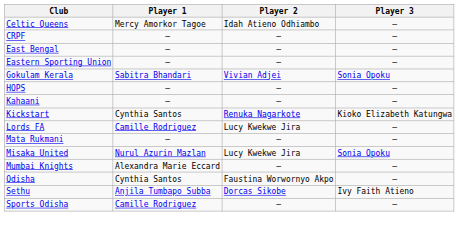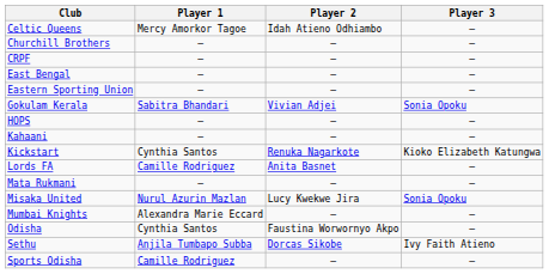 <table class="sortable wikitable" style="text-align: left">
 <tr>
 <th style="text-align:center;">Club</th>
 <th style="text-align:center;">Player 1</th>
 <th style="text-align:center;">Player 2</th>
 <th style="text-align:center;">Player 3</th>
 </tr>
 <tr>
 <td><a href='#'>Celtic Queens</a></td>
 <td> Mercy Amorkor Tagoe</td>
 <td> Idah Atieno Odhiambo</td>
+<td style="text-align: center;">—</td>
+</tr>
+<tr>
+<td><a href='#'>Churchill Brothers</a></td>
+<td style="text-align: center;">—</td>
+<td style="text-align: center;">—</td>
 <td style="text-align: center;">—</td>
 </tr>
 <tr>
 <td><a href='#'>CRPF</a></td>
 <td style="text-align: center;">—</td>
 <td style="text-align: center;">—</td>
 <td style="text-align: center;">—</td>
 </tr>
 <tr>
 <td><a href='#'>East Bengal</a></td>
 <td style="text-align: center;">—</td>
 <td style="text-align: center;">—</td>
 <td style="text-align: center;">—</td>
 </tr>
 <tr>
 <td><a href='#'>Eastern Sporting Union</a></td>
 <td style="text-align: center;">—</td>
 <td style="text-align: center;">—</td>
 <td style="text-align: center;">—</td>
 </tr>
 <tr>
 <td><a href='#'>Gokulam Kerala</a></td>
 <td> <a href='#'>Sabitra Bhandari</a></td>
 <td> <a href='#'>Vivian Adjei</a></td>
 <td> <a href='#'>Sonia Opoku</a></td>
 </tr>
 <tr>
 <td><a href='#'>HOPS</a></td>
 <td style="text-align: center;">—</td>
 <td style="text-align: center;">—</td>
 <td style="text-align: center;">—</td>
 </tr>
 <tr>
 <td><a href='#'>Kahaani</a></td>
 <td style="text-align: center;">—</td>
 <td style="text-align: center;">—</td>
 <td style="text-align: center;">—</td>
 </tr>
 <tr>
 <td><a href='#'>Kickstart</a></td>
 <td> Cynthia Santos</td>
 <td> <a href='#'>Renuka Nagarkote</a></td>
 <td> Kioko Elizabeth Katungwa</td>
 </tr>
 <tr>
 <td><a href='#'>Lords FA</a></td>
 <td> <a href='#'>Camille Rodriguez</a></td>
-<td> Lucy Kwekwe Jira</td>
+<td> <a href='#'>Anita Basnet</a></td>
 <td style="text-align: center;">—</td>
 </tr>
 <tr>
 <td><a href='#'>Mata Rukmani</a></td>
 <td style="text-align: center;">—</td>
 <td style="text-align: center;">—</td>
 <td style="text-align: center;">—</td>
 </tr>
 <tr>
 <td><a href='#'>Misaka United</a></td>
 <td> <a href='#'>Nurul Azurin Mazlan</a></td>
 <td> Lucy Kwekwe Jira</td>
 <td> <a href='#'>Sonia Opoku</a></td>
 </tr>
 <tr>
 <td><a href='#'>Mumbai Knights</a></td>
 <td> Alexandra Marie Eccard</td>
 <td style="text-align: center;">—</td>
 <td style="text-align: center;">—</td>
 </tr>
 <tr>
 <td><a href='#'>Odisha</a></td>
 <td> Cynthia Santos</td>
 <td> Faustina Worwornyo Akpo</td>
 <td style="text-align: center;">—</td>
 </tr>
 <tr>
 <td><a href='#'>Sethu</a></td>
 <td> <a href='#'>Anjila Tumbapo Subba</a></td>
 <td> <a href='#'>Dorcas Sikobe</a></td>
 <td> Ivy Faith Atieno</td>
 </tr>
 <tr>
 <td><a href='#'>Sports Odisha</a></td>
 <td> <a href='#'>Camille Rodriguez</a></td>
 <td style="text-align: center;">—</td>
 <td style="text-align: center;">—</td>
 </tr>
 </table>
